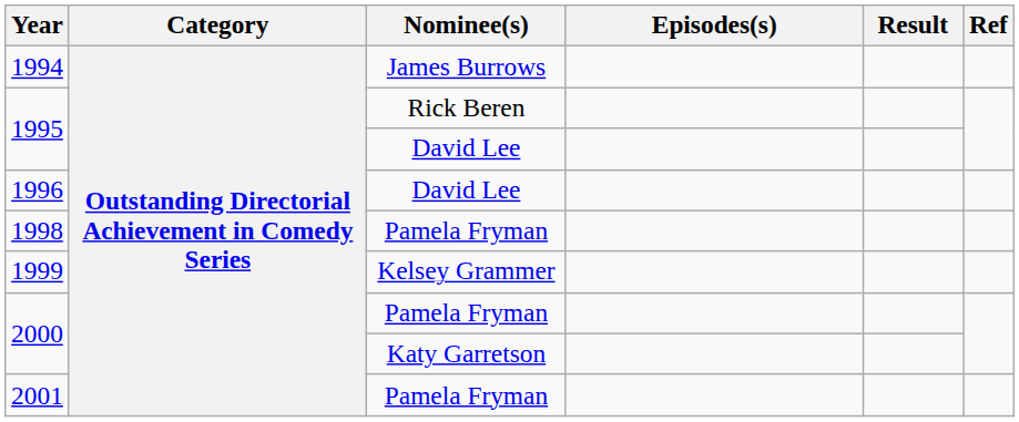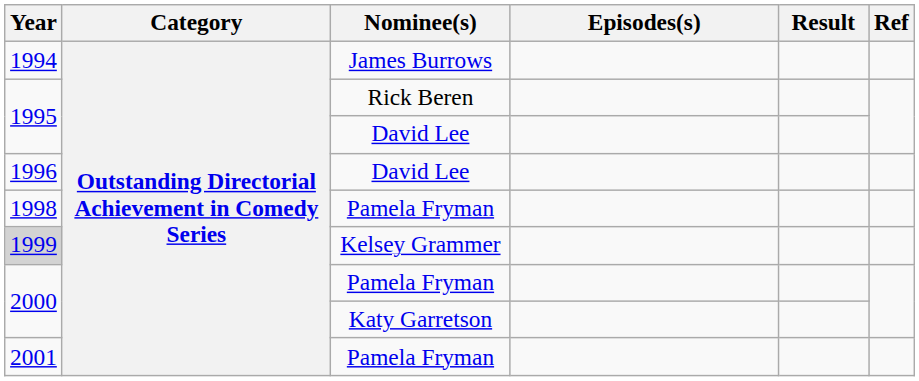 <table class="wikitable plainrowheaders" style="font-size: 100%; text-align:center" width=100%>
 <tr>
 <th scope="col" width="5%">Year</th>
 <th scope="col" width="30%">Category</th>
 <th scope="col" width="20%">Nominee(s)</th>
 <th scope="col" width="30%">Episodes(s)</th>
 <th scope="col" width="10%">Result</th>
 <th scope="col" width="5%">Ref</th>
 </tr>
 <tr>
 <td><a href='#'>1994</a></td>
 <th scope="row" style="text-align:center" rowspan="9"><a href='#'>Outstanding Directorial Achievement in Comedy Series</a></th>
 <td><a href='#'>James Burrows</a></td>
 <td></td>
 <td></td>
 <td></td>
 </tr>
 <tr>
 <td rowspan="2"><a href='#'>1995</a></td>
 <td>Rick Beren</td>
 <td></td>
 <td></td>
 <td rowspan="2"></td>
 </tr>
 <tr>
 <td><a href='#'>David Lee</a></td>
 <td></td>
 <td></td>
 </tr>
 <tr>
 <td><a href='#'>1996</a></td>
 <td><a href='#'>David Lee</a></td>
 <td></td>
 <td></td>
 <td></td>
 </tr>
 <tr>
 <td><a href='#'>1998</a></td>
 <td><a href='#'>Pamela Fryman</a></td>
 <td></td>
 <td></td>
 <td></td>
 </tr>
 <tr>
-<td><a href='#'>1999</a></td>
+<td style="background: lightgrey;"><a href='#'>1999</a></td>
 <td><a href='#'>Kelsey Grammer</a></td>
 <td></td>
 <td></td>
 <td></td>
 </tr>
 <tr>
 <td rowspan="2"><a href='#'>2000</a></td>
 <td><a href='#'>Pamela Fryman</a></td>
 <td></td>
 <td></td>
 <td rowspan="2"></td>
 </tr>
 <tr>
 <td><a href='#'>Katy Garretson</a></td>
 <td></td>
 <td></td>
 </tr>
 <tr>
 <td><a href='#'>2001</a></td>
 <td><a href='#'>Pamela Fryman</a></td>
 <td></td>
 <td></td>
 <td></td>
 </tr>
 </table>
